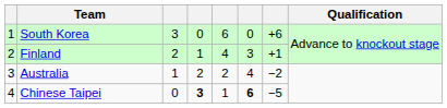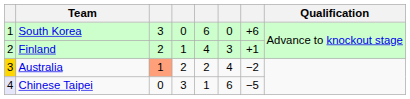 <table class=wikitable style="text-align:center;">
 <tr>
 <th></th>
 <th style="width:180px;">Team</th>
 <th style="width:25px;"></th>
 <th style="width:25px;"></th>
 <th style="width:25px;"></th>
 <th style="width:25px;"></th>
 <th style="width:25px;"></th>
 <th>Qualification</th>
 </tr>
 <tr style="background:#cfc;">
 <td>1</td>
 <td align=left> <a href='#'>South Korea</a></td>
 <td>3</td>
 <td>0</td>
 <td>6</td>
 <td>0</td>
 <td>+6</td>
 <td rowspan=2>Advance to <a href='#'>knockout stage</a></td>
 </tr>
 <tr style="background:#cfc;">
 <td>2</td>
 <td align=left> <a href='#'>Finland</a></td>
 <td>2</td>
 <td>1</td>
 <td>4</td>
 <td>3</td>
 <td>+1</td>
 </tr>
 <tr>
-<td>3</td>
+<td style="background: gold;">3</td>
 <td align=left> <a href='#'>Australia</a></td>
-<td>1</td>
+<td style="background: lightsalmon;">1</td>
 <td>2</td>
 <td>2</td>
 <td>4</td>
 <td>−2</td>
 <td rowspan=2></td>
 </tr>
 <tr>
-<td>4</td>
+<td style="background: lavender;">4</td>
 <td align=left> <a href='#'>Chinese Taipei</a></td>
 <td>0</td>
-<td><strong>3</strong></td>
+<td>3</td>
 <td>1</td>
-<td><strong>6</strong></td>
+<td>6</td>
 <td>−5</td>
 </tr>
 </table>
